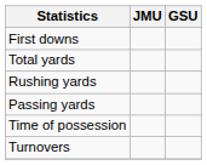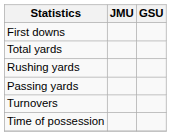 <table class="wikitable" style="float: left;">
 <tr>
 <th>Statistics</th>
 <th>JMU</th>
 <th>GSU</th>
 </tr>
 <tr>
 <td>First downs</td>
 <td></td>
 <td></td>
 </tr>
 <tr>
 <td>Total yards</td>
 <td></td>
 <td></td>
 </tr>
 <tr>
 <td>Rushing yards</td>
 <td></td>
 <td></td>
 </tr>
 <tr>
 <td>Passing yards</td>
 <td></td>
 <td></td>
 </tr>
 <tr>
-<td>Time of possession</td>
+<td>Turnovers</td>
 <td></td>
 <td></td>
 </tr>
 <tr>
-<td>Turnovers</td>
+<td>Time of possession</td>
 <td></td>
 <td></td>
 </tr>
 <tr>
 </tr>
 </table>
